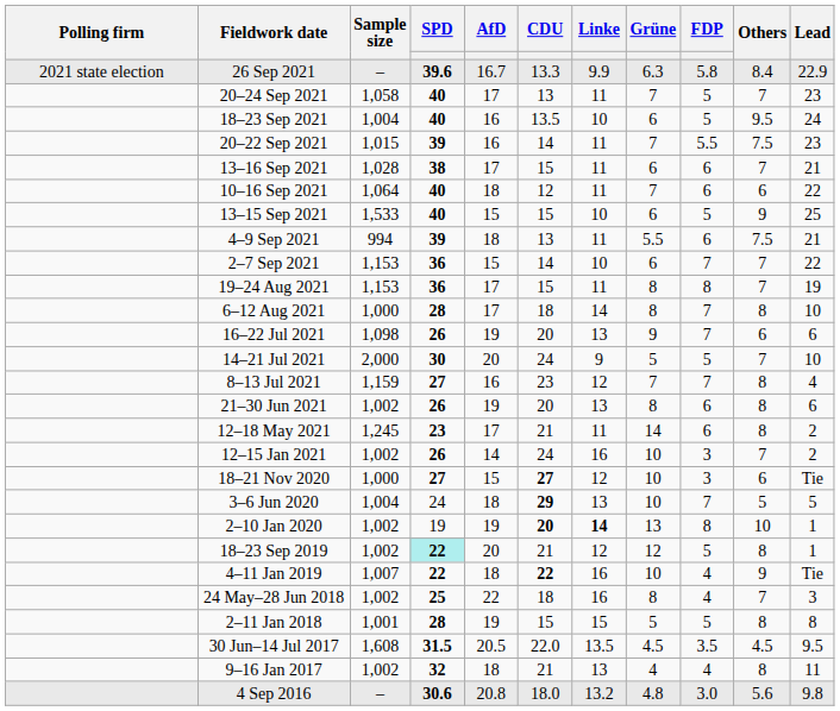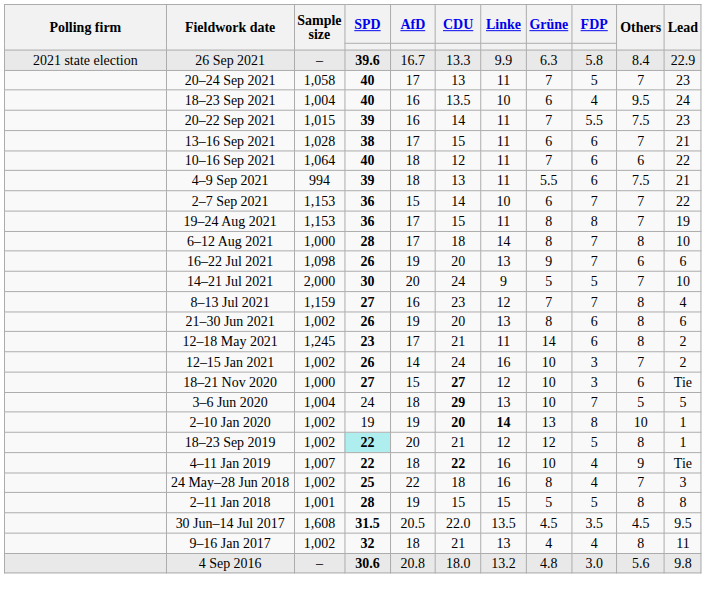 <table class="wikitable sortable" style="text-align:center;font-size:90%;line-height:14px;">
 <tr style="height:40px;">
 <th style="width:160px;" rowspan="2">Polling firm</th>
 <th style="width:125px;" rowspan="2">Fieldwork date</th>
 <th style="width:35px;" rowspan="2">Sample<br>size</th>
 <th class="unsortable" style="width:40px;"><a href='#'>SPD</a></th>
 <th class="unsortable" style="width:40px;"><a href='#'>AfD</a></th>
 <th class="unsortable" style="width:40px;"><a href='#'>CDU</a></th>
 <th class="unsortable" style="width:40px;"><a href='#'>Linke</a></th>
 <th class="unsortable" style="width:40px;"><a href='#'>Grüne</a></th>
 <th class="unsortable" style="width:40px;"><a href='#'>FDP</a></th>
 <th class="unsortable" style="width:40px;" rowspan="2">Others</th>
 <th style="width:30px;" rowspan="2">Lead</th>
 </tr>
 <tr>
 <th style="background:"></th>
 <th style="background:"></th>
 <th style="background:"></th>
 <th style="background:"></th>
 <th style="background:"></th>
 <th style="background:"></th>
 </tr>
 <tr style="background:#E9E9E9;">
 <td>2021 state election</td>
 <td data-sort-value="2021-09-26">26 Sep 2021</td>
 <td>–</td>
 <td><strong>39.6</strong></td>
 <td>16.7</td>
 <td>13.3</td>
 <td>9.9</td>
 <td>6.3</td>
 <td>5.8</td>
 <td>8.4</td>
 <td style="background:">22.9</td>
 </tr>
 <tr>
 <td></td>
 <td data-sort-value="2021-09-24">20–24 Sep 2021</td>
 <td>1,058</td>
 <td><strong>40</strong></td>
 <td>17</td>
 <td>13</td>
 <td>11</td>
 <td>7</td>
 <td>5</td>
 <td>7</td>
 <td style="background:">23</td>
 </tr>
 <tr>
 <td></td>
 <td data-sort-value="2021-09-23">18–23 Sep 2021</td>
 <td>1,004</td>
 <td><strong>40</strong></td>
 <td>16</td>
 <td>13.5</td>
 <td>10</td>
 <td>6</td>
-<td>5</td>
+<td>4</td>
 <td>9.5</td>
 <td style="background:">24</td>
 </tr>
 <tr>
 <td></td>
 <td data-sort-value="2021-09-23">20–22 Sep 2021</td>
 <td>1,015</td>
 <td><strong>39</strong></td>
 <td>16</td>
 <td>14</td>
 <td>11</td>
 <td>7</td>
 <td>5.5</td>
 <td>7.5</td>
 <td style="background:">23</td>
 </tr>
 <tr>
 <td></td>
 <td data-sort-value="2021-08-16">13–16 Sep 2021</td>
 <td>1,028</td>
 <td><strong>38</strong></td>
 <td>17</td>
 <td>15</td>
 <td>11</td>
 <td>6</td>
 <td>6</td>
 <td>7</td>
 <td style="background:">21</td>
 </tr>
 <tr>
 <td></td>
 <td data-sort-value="2021-08-16">10–16 Sep 2021</td>
 <td>1,064</td>
 <td><strong>40</strong></td>
 <td>18</td>
 <td>12</td>
 <td>11</td>
 <td>7</td>
 <td>6</td>
 <td>6</td>
 <td style="background:">22</td>
-</tr>
-<tr>
-<td></td>
-<td data-sort-value="2021-08-17">13–15 Sep 2021</td>
-<td>1,533</td>
-<td><strong>40</strong></td>
-<td>15</td>
-<td>15</td>
-<td>10</td>
-<td>6</td>
-<td>5</td>
-<td>9</td>
-<td style="background:">25</td>
 </tr>
 <tr>
 <td></td>
 <td data-sort-value="2021-09-04">4–9 Sep 2021</td>
 <td>994</td>
 <td><strong>39</strong></td>
 <td>18</td>
 <td>13</td>
 <td>11</td>
 <td>5.5</td>
 <td>6</td>
 <td>7.5</td>
 <td style="background:">21</td>
 </tr>
 <tr>
 <td></td>
 <td data-sort-value="2021-09-09">2–7 Sep 2021</td>
 <td>1,153</td>
 <td><strong>36</strong></td>
 <td>15</td>
 <td>14</td>
 <td>10</td>
 <td>6</td>
 <td>7</td>
 <td>7</td>
 <td style="background:">22</td>
 </tr>
 <tr>
 <td></td>
 <td data-sort-value="2021-08-26">19–24 Aug 2021</td>
 <td>1,153</td>
 <td><strong>36</strong></td>
 <td>17</td>
 <td>15</td>
 <td>11</td>
 <td>8</td>
 <td>8</td>
 <td>7</td>
 <td style="background:">19</td>
 </tr>
 <tr>
 <td></td>
 <td data-sort-value="2021-08-15">6–12 Aug 2021</td>
 <td>1,000</td>
 <td><strong>28</strong></td>
 <td>17</td>
 <td>18</td>
 <td>14</td>
 <td>8</td>
 <td>7</td>
 <td>8</td>
 <td style="background:">10</td>
 </tr>
 <tr>
 <td></td>
 <td data-sort-value="2021-07-25">16–22 Jul 2021</td>
 <td>1,098</td>
 <td><strong>26</strong></td>
 <td>19</td>
 <td>20</td>
 <td>13</td>
 <td>9</td>
 <td>7</td>
 <td>6</td>
 <td style="background:">6</td>
 </tr>
 <tr>
 <td></td>
 <td data-sort-value="2021-09-04">14–21 Jul 2021</td>
 <td>2,000</td>
 <td><strong>30</strong></td>
 <td>20</td>
 <td>24</td>
 <td>9</td>
 <td>5</td>
 <td>5</td>
 <td>7</td>
 <td style="background:">10</td>
 </tr>
 <tr>
 <td></td>
 <td data-sort-value="2021-07-15">8–13 Jul 2021</td>
 <td>1,159</td>
 <td><strong>27</strong></td>
 <td>16</td>
 <td>23</td>
 <td>12</td>
 <td>7</td>
 <td>7</td>
 <td>8</td>
 <td style="background:">4</td>
 </tr>
 <tr>
 <td></td>
 <td data-sort-value="2021-07-01">21–30 Jun 2021</td>
 <td>1,002</td>
 <td><strong>26</strong></td>
 <td>19</td>
 <td>20</td>
 <td>13</td>
 <td>8</td>
 <td>6</td>
 <td>8</td>
 <td style="background:">6</td>
 </tr>
 <tr>
 <td></td>
 <td data-sort-value="2021-05-20">12–18 May 2021</td>
 <td>1,245</td>
 <td><strong>23</strong></td>
 <td>17</td>
 <td>21</td>
 <td>11</td>
 <td>14</td>
 <td>6</td>
 <td>8</td>
 <td style="background:">2</td>
 </tr>
 <tr>
 <td></td>
 <td data-sort-value="2021-01-21">12–15 Jan 2021</td>
 <td>1,002</td>
 <td><strong>26</strong></td>
 <td>14</td>
 <td>24</td>
 <td>16</td>
 <td>10</td>
 <td>3</td>
 <td>7</td>
 <td style="background:">2</td>
 </tr>
 <tr>
 <td></td>
 <td>18–21 Nov 2020</td>
 <td>1,000</td>
 <td><strong>27</strong></td>
 <td>15</td>
 <td><strong>27</strong></td>
 <td>12</td>
 <td>10</td>
 <td>3</td>
 <td>6</td>
 <td data-sort-value="0">Tie</td>
 </tr>
 <tr>
 <td></td>
 <td data-sort-value="2020-06-09">3–6 Jun 2020</td>
 <td>1,004</td>
 <td>24</td>
 <td>18</td>
 <td><strong>29</strong></td>
 <td>13</td>
 <td>10</td>
 <td>7</td>
 <td>5</td>
 <td style="background:">5</td>
 </tr>
 <tr>
 <td></td>
 <td data-sort-value="2020-01-16">2–10 Jan 2020</td>
 <td>1,002</td>
 <td>19</td>
 <td>19</td>
 <td><strong>20</strong></td>
 <td><strong>14</strong></td>
 <td>13</td>
 <td>8</td>
 <td>10</td>
 <td style="background:">1</td>
 </tr>
 <tr>
 <td></td>
 <td data-sort-value="2019-09-27">18–23 Sep 2019</td>
 <td>1,002</td>
 <td style="background: paleturquoise;"><strong>22</strong></td>
 <td>20</td>
 <td>21</td>
 <td>12</td>
 <td>12</td>
 <td>5</td>
 <td>8</td>
 <td style="background:">1</td>
 </tr>
 <tr>
 <td></td>
 <td data-sort-value="2019-01-17">4–11 Jan 2019</td>
 <td>1,007</td>
 <td><strong>22</strong></td>
 <td>18</td>
 <td><strong>22</strong></td>
 <td>16</td>
 <td>10</td>
 <td>4</td>
 <td>9</td>
 <td data-sort-value="0">Tie</td>
 </tr>
 <tr>
 <td></td>
 <td data-sort-value="2018-06-30">24 May–28 Jun 2018</td>
 <td>1,002</td>
 <td><strong>25</strong></td>
 <td>22</td>
 <td>18</td>
 <td>16</td>
 <td>8</td>
 <td>4</td>
 <td>7</td>
 <td style="background:">3</td>
 </tr>
 <tr>
 <td></td>
 <td data-sort-value="2018-01-18">2–11 Jan 2018</td>
 <td>1,001</td>
 <td><strong>28</strong></td>
 <td>19</td>
 <td>15</td>
 <td>15</td>
 <td>5</td>
 <td>5</td>
 <td>8</td>
 <td style="background:">8</td>
 </tr>
 <tr>
 <td></td>
 <td data-sort-value="2017-07-23">30 Jun–14 Jul 2017</td>
 <td>1,608</td>
 <td><strong>31.5</strong></td>
 <td>20.5</td>
 <td>22.0</td>
 <td>13.5</td>
 <td>4.5</td>
 <td>3.5</td>
 <td>4.5</td>
 <td style="background:">9.5</td>
 </tr>
 <tr>
 <td></td>
 <td data-sort-value="2017-01-19">9–16 Jan 2017</td>
 <td>1,002</td>
 <td><strong>32</strong></td>
 <td>18</td>
 <td>21</td>
 <td>13</td>
 <td>4</td>
 <td>4</td>
 <td>8</td>
 <td style="background:">11</td>
 </tr>
 <tr style="background:#E9E9E9;">
 <td></td>
 <td data-sort-value="2016-09-04">4 Sep 2016</td>
 <td>–</td>
 <td><strong>30.6</strong></td>
 <td>20.8</td>
 <td>18.0</td>
 <td>13.2</td>
 <td>4.8</td>
 <td>3.0</td>
 <td>5.6</td>
 <td style="background:">9.8</td>
 </tr>
 </table>
